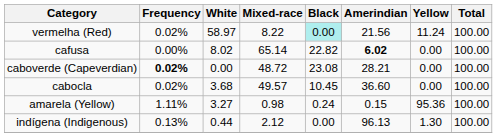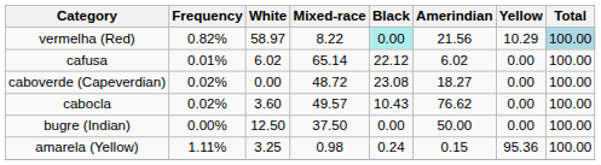 <table class="wikitable" style="text-align:center">
 <tr>
 <th>Category</th>
 <th>Frequency</th>
 <th>White</th>
 <th>Mixed-race</th>
 <th>Black</th>
 <th>Amerindian</th>
 <th>Yellow</th>
 <th>Total</th>
 </tr>
 <tr align="right”">
 <td>vermelha (Red)</td>
-<td>0.02%</td>
+<td>0.82%</td>
 <td>58.97</td>
 <td>8.22</td>
 <td style="background: paleturquoise;">0.00</td>
 <td>21.56</td>
-<td>11.24</td>
-<td>100.00</td>
+<td>10.29</td>
+<td style="background: lightblue;">100.00</td>
 </tr>
 <tr align="right”">
 <td>cafusa</td>
-<td>0.00%</td>
-<td>8.02</td>
+<td>0.01%</td>
+<td>6.02</td>
 <td>65.14</td>
-<td>22.82</td>
-<td><strong>6.02</strong></td>
+<td>22.12</td>
+<td>6.02</td>
 <td>0.00</td>
 <td>100.00</td>
 </tr>
 <tr align="right”">
 <td>caboverde (Capeverdian)</td>
-<td><strong>0.02%</strong></td>
+<td>0.02%</td>
 <td>0.00</td>
 <td>48.72</td>
 <td>23.08</td>
-<td>28.21</td>
+<td>18.27</td>
 <td>0.00</td>
 <td>100.00</td>
 </tr>
 <tr align="right”">
 <td>cabocla</td>
 <td>0.02%</td>
-<td>3.68</td>
+<td>3.60</td>
 <td>49.57</td>
-<td>10.45</td>
-<td>36.60</td>
+<td>10.43</td>
+<td>76.62</td>
+<td>0.00</td>
+<td>100.00</td>
+</tr>
+<tr align="right”">
+<td>bugre (Indian)</td>
+<td>0.00%</td>
+<td>12.50</td>
+<td>37.50</td>
+<td>0.00</td>
+<td>50.00</td>
 <td>0.00</td>
 <td>100.00</td>
 </tr>
 <tr align="right”">
 <td>amarela (Yellow)</td>
 <td>1.11%</td>
-<td>3.27</td>
+<td>3.25</td>
 <td>0.98</td>
 <td>0.24</td>
 <td>0.15</td>
 <td>95.36</td>
 <td>100.00</td>
 </tr>
-<tr align="right”">
-<td>indígena (Indigenous)</td>
-<td>0.13%</td>
-<td>0.44</td>
-<td>2.12</td>
-<td>0.00</td>
-<td>96.13</td>
-<td>1.30</td>
-<td>100.00</td>
-</tr>
 <tr>
 </tr>
 </table>
